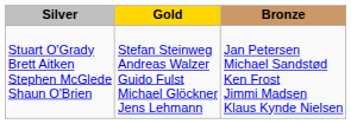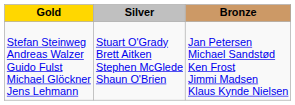 <table class="wikitable">
 <tr>
+<td align=center bgcolor=gold> <strong>Gold</strong></td>
 <td align=center bgcolor=silver> <strong>Silver</strong></td>
-<td align=center bgcolor=gold> <strong>Gold</strong></td>
 <td align=center bgcolor=cc9966> <strong>Bronze</strong></td>
 </tr>
 <tr>
+<td><br><a href='#'>Stefan Steinweg</a><br><a href='#'>Andreas Walzer</a><br><a href='#'>Guido Fulst</a><br><a href='#'>Michael Glöckner</a><br><a href='#'>Jens Lehmann</a></td>
 <td><br><a href='#'>Stuart O'Grady</a><br><a href='#'>Brett Aitken</a><br><a href='#'>Stephen McGlede</a><br><a href='#'>Shaun O'Brien</a><br> </td>
-<td><br><a href='#'>Stefan Steinweg</a><br><a href='#'>Andreas Walzer</a><br><a href='#'>Guido Fulst</a><br><a href='#'>Michael Glöckner</a><br><a href='#'>Jens Lehmann</a></td>
 <td><br><a href='#'>Jan Petersen</a><br><a href='#'>Michael Sandstød</a><br><a href='#'>Ken Frost</a><br><a href='#'>Jimmi Madsen</a><br><a href='#'>Klaus Kynde Nielsen</a></td>
 </tr>
 </table>
